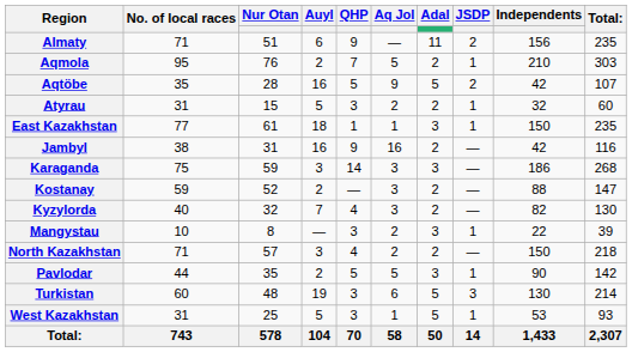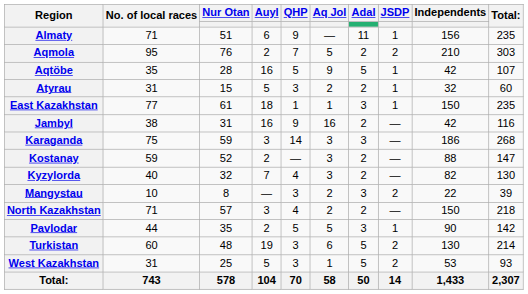 <table class="wikitable sortable plainrowheaders">
 <tr>
 <th rowspan="2" scope="col">Region</th>
 <th rowspan="2" scope="col">No. of local races</th>
 <th style="text-align:center;"><a href='#'>Nur Otan</a></th>
 <th style="text-align:center;"><a href='#'>Auyl</a></th>
 <th style="text-align:center;"><a href='#'>QHP</a></th>
 <th style="text-align:center"><a href='#'>Aq Jol</a></th>
 <th style="text-align:center;"><a href='#'>Adal</a></th>
 <th style="text-align:center"><a href='#'>JSDP</a></th>
 <th style="text-align:center">Independents</th>
 <th rowspan="2" style="text-align:center">Total:</th>
 </tr>
 <tr>
 <th style="background-color:"></th>
 <th style="background-color:"></th>
 <th style="background-color:"></th>
 <th style="background-color:"></th>
 <th style="background-color:#25B072"></th>
 <th style="background-color:"></th>
 <th style="background-color:"></th>
 </tr>
 <tr>
 <th scope="row" style="text-align:center;"><a href='#'>Almaty</a></th>
 <td style="text-align:center;">71</td>
 <td style="text-align:center;">51</td>
 <td style="text-align:center;">6</td>
 <td style="text-align:center;">9</td>
 <td style="text-align:center;">—</td>
 <td style="text-align:center;">11</td>
-<td style="text-align:center;">2</td>
+<td style="text-align:center;">1</td>
 <td style="text-align:center;">156</td>
 <td style="text-align:center;">235</td>
 </tr>
 <tr>
 <th scope="row" style="text-align:center;"><a href='#'>Aqmola</a></th>
 <td style="text-align:center;">95</td>
 <td style="text-align:center;">76</td>
 <td style="text-align:center;">2</td>
 <td style="text-align:center;">7</td>
 <td style="text-align:center;">5</td>
 <td style="text-align:center;">2</td>
-<td style="text-align:center;">1</td>
+<td style="text-align:center;">2</td>
 <td style="text-align:center;">210</td>
 <td style="text-align:center;">303</td>
 </tr>
 <tr>
 <th scope="row" style="text-align:center;"><a href='#'>Aqtöbe</a></th>
 <td style="text-align:center;">35</td>
 <td style="text-align:center;">28</td>
 <td style="text-align:center;">16</td>
 <td style="text-align:center;">5</td>
 <td style="text-align:center;">9</td>
 <td style="text-align:center;">5</td>
-<td style="text-align:center;">2</td>
+<td style="text-align:center;">1</td>
 <td style="text-align:center;">42</td>
 <td style="text-align:center;">107</td>
 </tr>
 <tr>
 <th scope="row" style="text-align:center;"><a href='#'>Atyrau</a></th>
 <td style="text-align:center;">31</td>
 <td style="text-align:center;">15</td>
 <td style="text-align:center;">5</td>
 <td style="text-align:center;">3</td>
 <td style="text-align:center;">2</td>
 <td style="text-align:center;">2</td>
 <td style="text-align:center;">1</td>
 <td style="text-align:center;">32</td>
 <td style="text-align:center;">60</td>
 </tr>
 <tr>
 <th scope="row" style="text-align:center;"><a href='#'>East Kazakhstan</a></th>
 <td style="text-align:center;">77</td>
 <td style="text-align:center;">61</td>
 <td style="text-align:center;">18</td>
 <td style="text-align:center;">1</td>
 <td style="text-align:center;">1</td>
 <td style="text-align:center;">3</td>
 <td style="text-align:center;">1</td>
 <td style="text-align:center;">150</td>
 <td style="text-align:center;">235</td>
 </tr>
 <tr>
 <th scope="row" style="text-align:center;"><a href='#'>Jambyl</a></th>
 <td style="text-align:center;">38</td>
 <td style="text-align:center;">31</td>
 <td style="text-align:center;">16</td>
 <td style="text-align:center;">9</td>
 <td style="text-align:center;">16</td>
 <td style="text-align:center;">2</td>
 <td style="text-align:center;">—</td>
 <td style="text-align:center;">42</td>
 <td style="text-align:center;">116</td>
 </tr>
 <tr>
 <th scope="row" style="text-align:center;"><a href='#'>Karaganda</a></th>
 <td style="text-align:center;">75</td>
 <td style="text-align:center;">59</td>
 <td style="text-align:center;">3</td>
 <td style="text-align:center;">14</td>
 <td style="text-align:center;">3</td>
 <td style="text-align:center;">3</td>
 <td style="text-align:center;">—</td>
 <td style="text-align:center;">186</td>
 <td style="text-align:center;">268</td>
 </tr>
 <tr>
 <th scope="row" style="text-align:center;"><a href='#'>Kostanay</a></th>
 <td style="text-align:center;">59</td>
 <td style="text-align:center;">52</td>
 <td style="text-align:center;">2</td>
 <td style="text-align:center;">—</td>
 <td style="text-align:center;">3</td>
 <td style="text-align:center;">2</td>
 <td style="text-align:center;">—</td>
 <td style="text-align:center;">88</td>
 <td style="text-align:center;">147</td>
 </tr>
 <tr>
 <th scope="row" style="text-align:center;"><a href='#'>Kyzylorda</a></th>
 <td style="text-align:center;">40</td>
 <td style="text-align:center;">32</td>
 <td style="text-align:center;">7</td>
 <td style="text-align:center;">4</td>
 <td style="text-align:center;">3</td>
 <td style="text-align:center;">2</td>
 <td style="text-align:center;">—</td>
 <td style="text-align:center;">82</td>
 <td style="text-align:center;">130</td>
 </tr>
 <tr>
 <th scope="row" style="text-align:center;"><a href='#'>Mangystau</a></th>
 <td style="text-align:center;">10</td>
 <td style="text-align:center;">8</td>
 <td style="text-align:center;">—</td>
 <td style="text-align:center;">3</td>
 <td style="text-align:center;">2</td>
 <td style="text-align:center;">3</td>
-<td style="text-align:center;">1</td>
+<td style="text-align:center;">2</td>
 <td style="text-align:center;">22</td>
 <td style="text-align:center;">39</td>
 </tr>
 <tr>
 <th scope="row" style="text-align:center;"><a href='#'>North Kazakhstan</a></th>
 <td style="text-align:center;">71</td>
 <td style="text-align:center;">57</td>
 <td style="text-align:center;">3</td>
 <td style="text-align:center;">4</td>
 <td style="text-align:center;">2</td>
 <td style="text-align:center;">2</td>
 <td style="text-align:center;">—</td>
 <td style="text-align:center;">150</td>
 <td style="text-align:center;">218</td>
 </tr>
 <tr>
 <th scope="row" style="text-align:center;"><a href='#'>Pavlodar</a></th>
 <td style="text-align:center;">44</td>
 <td style="text-align:center;">35</td>
 <td style="text-align:center;">2</td>
 <td style="text-align:center;">5</td>
 <td style="text-align:center;">5</td>
 <td style="text-align:center;">3</td>
 <td style="text-align:center;">1</td>
 <td style="text-align:center;">90</td>
 <td style="text-align:center;">142</td>
 </tr>
 <tr>
 <th scope="row" style="text-align:center;"><a href='#'>Turkistan</a></th>
 <td style="text-align:center;">60</td>
 <td style="text-align:center;">48</td>
 <td style="text-align:center;">19</td>
 <td style="text-align:center;">3</td>
 <td style="text-align:center;">6</td>
 <td style="text-align:center;">5</td>
-<td style="text-align:center;">3</td>
+<td style="text-align:center;">2</td>
 <td style="text-align:center;">130</td>
 <td style="text-align:center;">214</td>
 </tr>
 <tr>
 <th scope="row" style="text-align:center;"><a href='#'>West Kazakhstan</a></th>
 <td style="text-align:center;">31</td>
 <td style="text-align:center;">25</td>
 <td style="text-align:center;">5</td>
 <td style="text-align:center;">3</td>
 <td style="text-align:center;">1</td>
 <td style="text-align:center;">5</td>
-<td style="text-align:center;">1</td>
+<td style="text-align:center;">2</td>
 <td style="text-align:center;">53</td>
 <td style="text-align:center;">93</td>
 </tr>
 <tr>
 <th scope="col" style="text-align:center;">Total:</th>
 <th scope="col" style="text-align:center;">743</th>
 <th style="text-align:center;">578</th>
 <th style="text-align:center;">104</th>
 <th style="text-align:center;">70</th>
 <th style="text-align:center;">58</th>
 <th style="text-align:center;">50</th>
 <th style="text-align:center;">14</th>
 <th style="text-align:center;">1,433</th>
 <th style="text-align:center;">2,307</th>
 </tr>
 </table>
